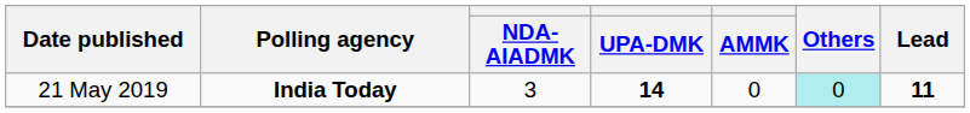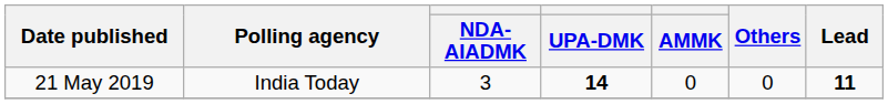 <table class="wikitable sortable" style="text-align:center;font-size:95%;line-height:16px">
 <tr>
 <th rowspan="2" width="125px">Date published</th>
 <th rowspan="2" width="175px">Polling agency</th>
 <th style="background:"></th>
 <th style="background:"></th>
 <th style="background:"></th>
 <th rowspan="2" class="unsortable" width="50px"><a href='#'>Others</a></th>
 <th rowspan="2" width="50px">Lead</th>
 </tr>
 <tr>
 <th width="75px" class="unsortable"><a href='#'>NDA-AIADMK</a></th>
 <th width="75px" class="unsortable"><a href='#'>UPA-DMK</a></th>
 <th width="50px" class="unsortable"><a href='#'>AMMK</a></th>
 </tr>
 <tr>
 <td>21 May 2019</td>
-<td><strong>India Today</strong></td>
+<td>India Today</td>
 <td style="background:">3</td>
 <td style="background:"><strong>14</strong></td>
 <td>0</td>
-<td style="background: paleturquoise;">0</td>
+<td>0</td>
 <td style="background:"><strong>11</strong></td>
 </tr>
 <tr>
 </tr>
 </table>
